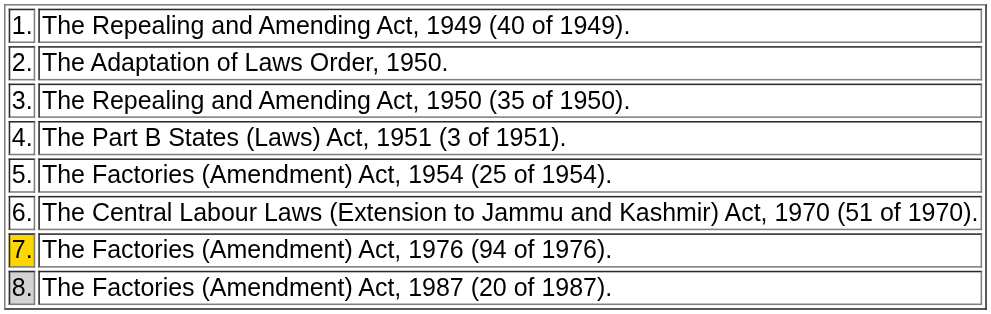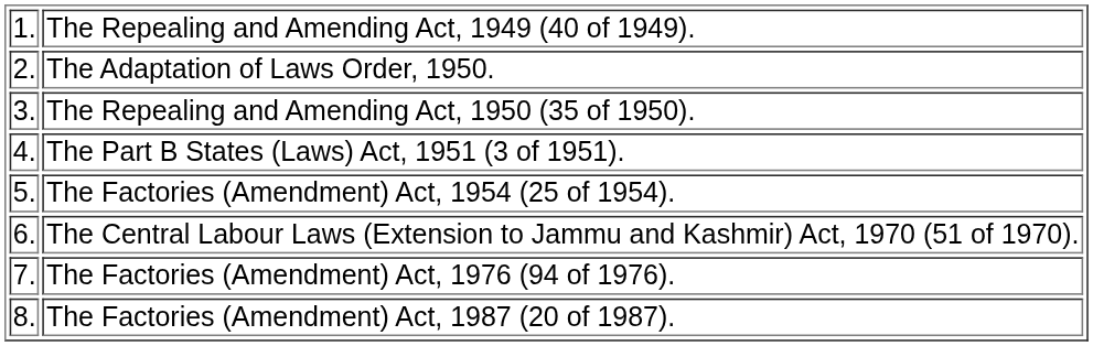 <table border="1" class="sortable">
 <tr>
 <td>1.</td>
 <td>The Repealing and Amending Act, 1949 (40 of 1949).</td>
 </tr>
 <tr>
 <td>2.</td>
 <td>The Adaptation of Laws Order, 1950.</td>
 </tr>
 <tr>
 <td>3.</td>
 <td>The Repealing and Amending Act, 1950 (35 of 1950).</td>
 </tr>
 <tr>
 <td>4.</td>
 <td>The Part B States (Laws) Act, 1951 (3 of 1951).</td>
 </tr>
 <tr>
 <td>5.</td>
 <td>The Factories (Amendment) Act, 1954 (25 of 1954).</td>
 </tr>
 <tr>
 <td>6.</td>
 <td>The Central Labour Laws (Extension to Jammu and Kashmir) Act, 1970 (51 of 1970).</td>
 </tr>
 <tr>
-<td style="background: gold;">7.</td>
+<td>7.</td>
 <td>The Factories (Amendment) Act, 1976 (94 of 1976).</td>
 </tr>
 <tr>
-<td style="background: lightgrey;">8.</td>
+<td>8.</td>
 <td>The Factories (Amendment) Act, 1987 (20 of 1987).</td>
 </tr>
 </table>
